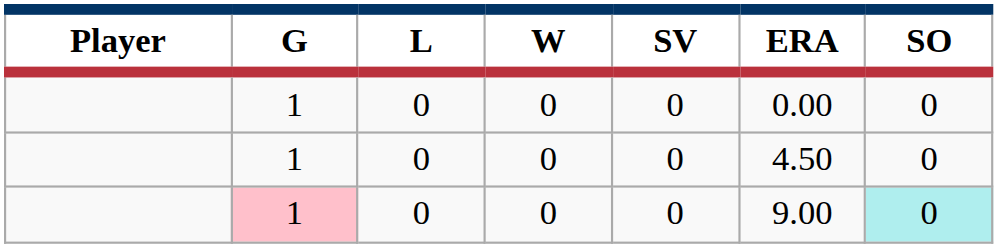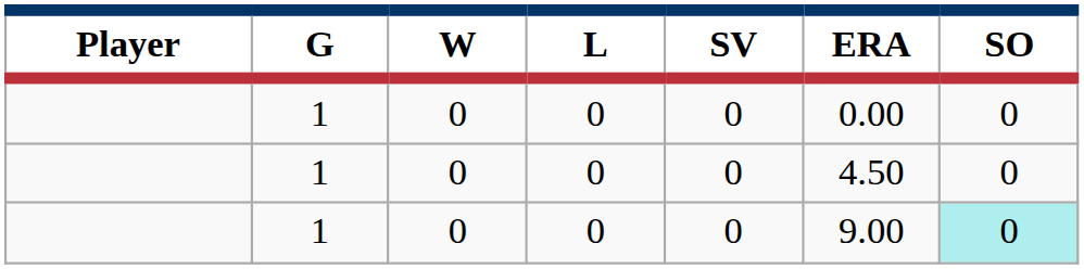 <table class="wikitable sortable">
 <tr>
 <th style="background:#FFFFFF; border-top:#023465 5px solid; border-bottom:#ba313c 5px solid;" width="16%">Player</th>
 <th style="background:#FFFFFF; border-top:#023465 5px solid; border-bottom:#ba313c 5px solid;" width="9%">G</th>
+<th style="background:#FFFFFF; border-top:#023465 5px solid; border-bottom:#ba313c 5px solid;" width="9%">W</th>
 <th style="background:#FFFFFF; border-top:#023465 5px solid; border-bottom:#ba313c 5px solid;" width="9%">L</th>
-<th style="background:#FFFFFF; border-top:#023465 5px solid; border-bottom:#ba313c 5px solid;" width="9%">W</th>
 <th style="background:#FFFFFF; border-top:#023465 5px solid; border-bottom:#ba313c 5px solid;" width="9%">SV</th>
 <th style="background:#FFFFFF; border-top:#023465 5px solid; border-bottom:#ba313c 5px solid;" width="9%">ERA</th>
 <th style="background:#FFFFFF; border-top:#023465 5px solid; border-bottom:#ba313c 5px solid;" width="9%">SO</th>
 </tr>
 <tr align="center">
 <td></td>
 <td>1</td>
 <td>0</td>
 <td>0</td>
 <td>0</td>
 <td>0.00</td>
 <td>0</td>
 </tr>
 <tr align="center">
 <td></td>
 <td>1</td>
 <td>0</td>
 <td>0</td>
 <td>0</td>
 <td>4.50</td>
 <td>0</td>
 </tr>
 <tr align="center">
 <td></td>
-<td style="background: pink;">1</td>
+<td>1</td>
 <td>0</td>
 <td>0</td>
 <td>0</td>
 <td>9.00</td>
 <td style="background: paleturquoise;">0</td>
 </tr>
 </table>
